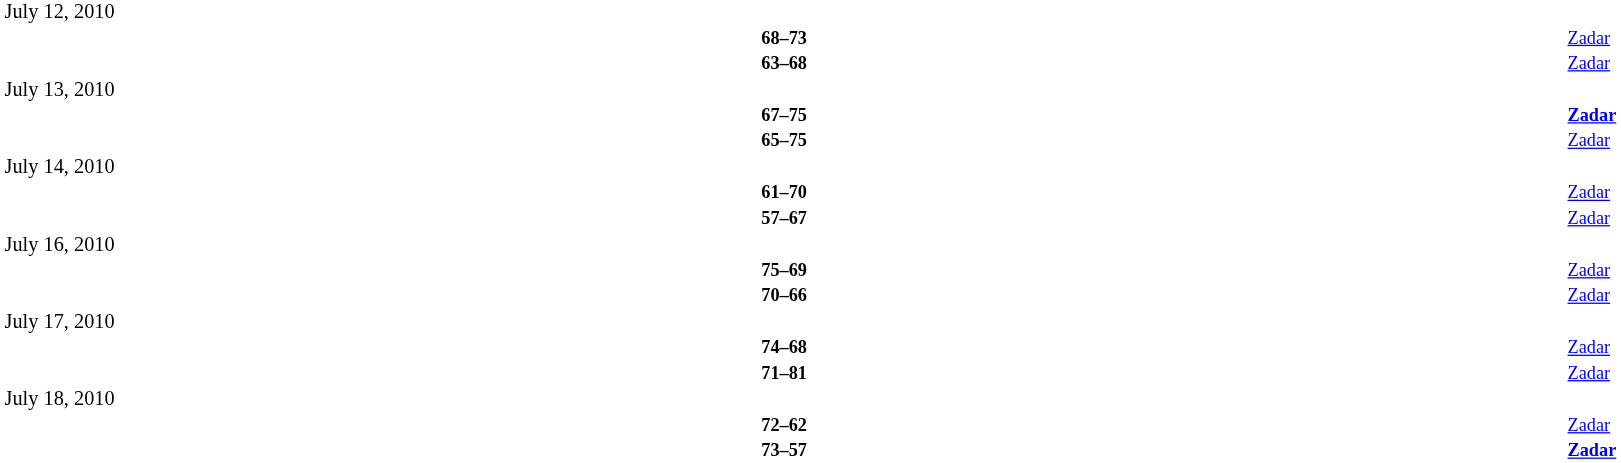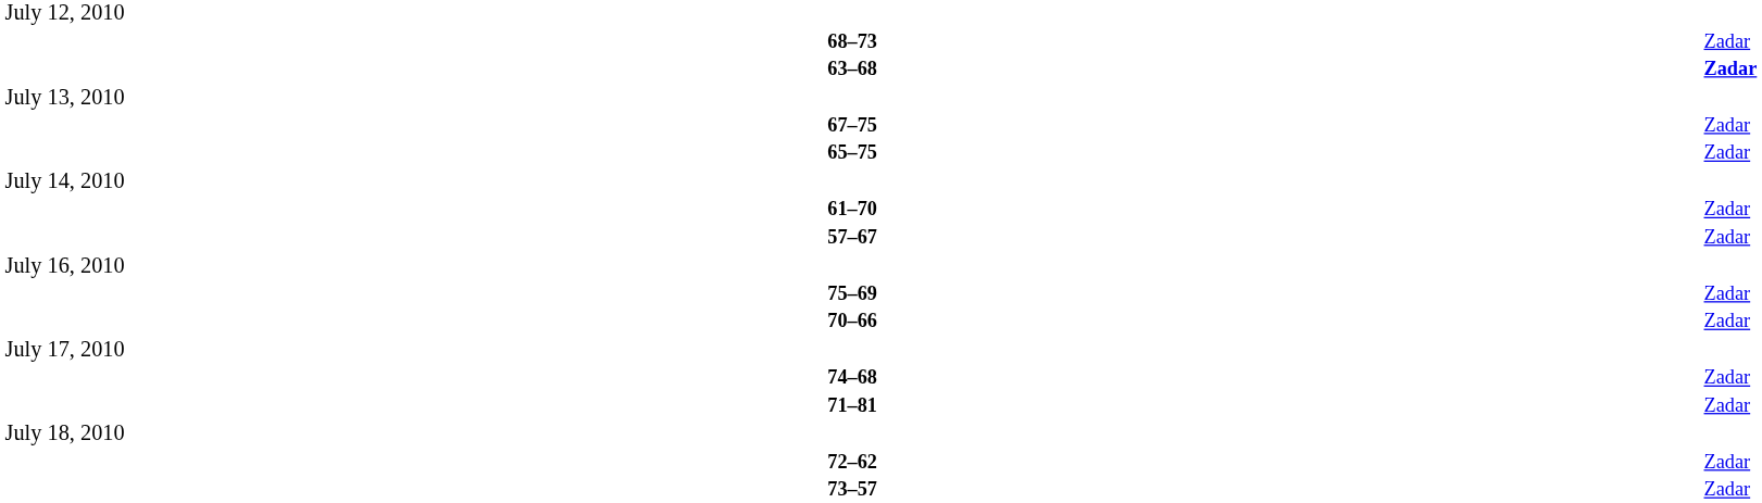 <table style="width:100%;" cellspacing="1">
 <tr>
 <th width=25%></th>
 <th width=3%></th>
 <th width=6%></th>
 <th width=3%></th>
 <th width=25%></th>
 </tr>
 <tr>
 <td>July 12, 2010</td>
 </tr>
 <tr style=font-size:90%>
 <td align=right><strong></strong></td>
 <td></td>
 <td align=center><strong>68–73</strong></td>
 <td></td>
 <td><strong></strong></td>
 <td><a href='#'>Zadar</a></td>
 </tr>
 <tr style=font-size:90%>
 <td align=right><strong></strong></td>
 <td></td>
 <td align=center><strong>63–68</strong></td>
 <td></td>
 <td><strong></strong></td>
-<td><a href='#'>Zadar</a></td>
+<td><strong><a href='#'>Zadar</a></strong></td>
 </tr>
 <tr>
 <td>July 13, 2010</td>
 </tr>
 <tr style=font-size:90%>
 <td align=right><strong></strong></td>
 <td></td>
 <td align=center><strong>67–75</strong></td>
 <td></td>
 <td><strong></strong></td>
-<td><strong><a href='#'>Zadar</a></strong></td>
+<td><a href='#'>Zadar</a></td>
 </tr>
 <tr style=font-size:90%>
 <td align=right><strong></strong></td>
 <td></td>
 <td align=center><strong>65–75</strong></td>
 <td></td>
 <td><strong></strong></td>
 <td><a href='#'>Zadar</a></td>
 </tr>
 <tr>
 <td>July 14, 2010</td>
 </tr>
 <tr style=font-size:90%>
 <td align=right><strong></strong></td>
 <td></td>
 <td align=center><strong>61–70</strong></td>
 <td></td>
 <td><strong></strong></td>
 <td><a href='#'>Zadar</a></td>
 </tr>
 <tr style=font-size:90%>
 <td align=right><strong></strong></td>
 <td></td>
 <td align=center><strong>57–67</strong></td>
 <td></td>
 <td><strong></strong></td>
 <td><a href='#'>Zadar</a></td>
 </tr>
 <tr>
 <td>July 16, 2010</td>
 </tr>
 <tr style=font-size:90%>
 <td align=right><strong></strong></td>
 <td></td>
 <td align=center><strong>75–69</strong></td>
 <td></td>
 <td><strong></strong></td>
 <td><a href='#'>Zadar</a></td>
 </tr>
 <tr style=font-size:90%>
 <td align=right><strong></strong></td>
 <td></td>
 <td align=center><strong>70–66</strong></td>
 <td></td>
 <td><strong></strong></td>
 <td><a href='#'>Zadar</a></td>
 </tr>
 <tr>
 <td>July 17, 2010</td>
 </tr>
 <tr style=font-size:90%>
 <td align=right><strong></strong></td>
 <td></td>
 <td align=center><strong>74–68</strong></td>
 <td></td>
 <td><strong></strong></td>
 <td><a href='#'>Zadar</a></td>
 </tr>
 <tr style=font-size:90%>
 <td align=right><strong></strong></td>
 <td></td>
 <td align=center><strong>71–81</strong></td>
 <td></td>
 <td><strong></strong></td>
 <td><a href='#'>Zadar</a></td>
 </tr>
 <tr>
 <td>July 18, 2010</td>
 </tr>
 <tr style=font-size:90%>
 <td align=right><strong></strong></td>
 <td></td>
 <td align=center><strong>72–62</strong></td>
 <td></td>
 <td><strong></strong></td>
 <td><a href='#'>Zadar</a></td>
 </tr>
 <tr style=font-size:90%>
 <td align=right><strong></strong></td>
 <td></td>
 <td align=center><strong>73–57</strong></td>
 <td></td>
 <td><strong></strong></td>
-<td><strong><a href='#'>Zadar</a></strong></td>
+<td><a href='#'>Zadar</a></td>
 </tr>
 </table>
